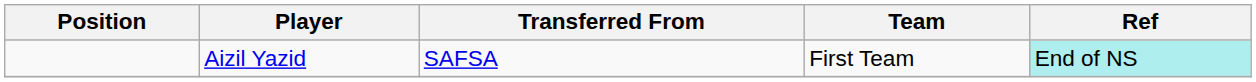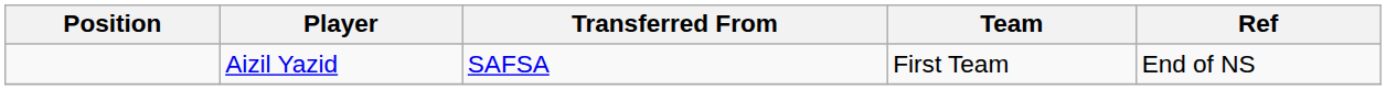 <table class="wikitable sortable" style="width:70%; text-align:center; font-size:100%; text-align:left;">
 <tr>
 <th>Position</th>
 <th>Player</th>
 <th>Transferred From</th>
 <th>Team</th>
 <th>Ref</th>
 </tr>
 <tr>
 <td></td>
 <td> <a href='#'>Aizil Yazid</a></td>
 <td> <a href='#'>SAFSA</a></td>
 <td>First Team</td>
-<td style="background: paleturquoise;">End of NS </td>
+<td>End of NS </td>
 </tr>
 <tr>
 </tr>
 </table>
